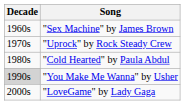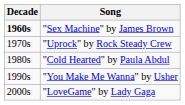 <table class="wikitable">
 <tr>
 <th>Decade</th>
 <th>Song</th>
 </tr>
 <tr>
-<td>1960s</td>
+<td><strong>1960s</strong></td>
 <td>"<a href='#'>Sex Machine</a>" by <a href='#'>James Brown</a></td>
 </tr>
 <tr>
 <td>1970s</td>
 <td>"<a href='#'>Uprock</a>" by <a href='#'>Rock Steady Crew</a></td>
 </tr>
 <tr>
 <td>1980s</td>
 <td>"<a href='#'>Cold Hearted</a>" by <a href='#'>Paula Abdul</a></td>
 </tr>
 <tr>
-<td style="background: lightgrey;">1990s</td>
+<td>1990s</td>
 <td>"<a href='#'>You Make Me Wanna</a>" by <a href='#'>Usher</a></td>
 </tr>
 <tr>
 <td>2000s</td>
 <td>"<a href='#'>LoveGame</a>" by <a href='#'>Lady Gaga</a></td>
 </tr>
 </table>
